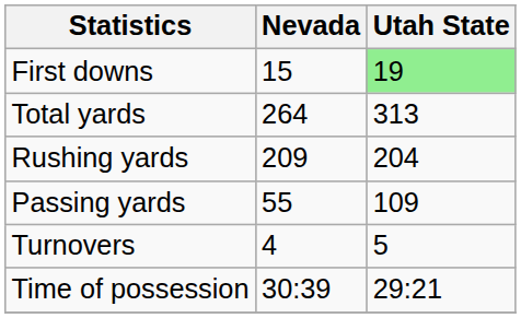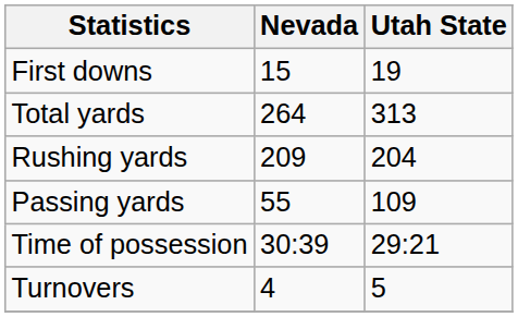 <table class="wikitable">
 <tr>
 <th>Statistics</th>
 <th>Nevada</th>
 <th>Utah State</th>
 </tr>
 <tr>
 <td>First downs</td>
 <td>15</td>
-<td style="background: lightgreen;">19</td>
+<td>19</td>
 </tr>
 <tr>
 <td>Total yards</td>
 <td>264</td>
 <td>313</td>
 </tr>
 <tr>
 <td>Rushing yards</td>
 <td>209</td>
 <td>204</td>
 </tr>
 <tr>
 <td>Passing yards</td>
 <td>55</td>
 <td>109</td>
 </tr>
 <tr>
+<td>Time of possession</td>
+<td>30:39</td>
+<td>29:21</td>
+</tr>
+<tr>
 <td>Turnovers</td>
 <td>4</td>
 <td>5</td>
 </tr>
 <tr>
-<td>Time of possession</td>
-<td>30:39</td>
-<td>29:21</td>
-</tr>
-<tr>
 </tr>
 </table>
